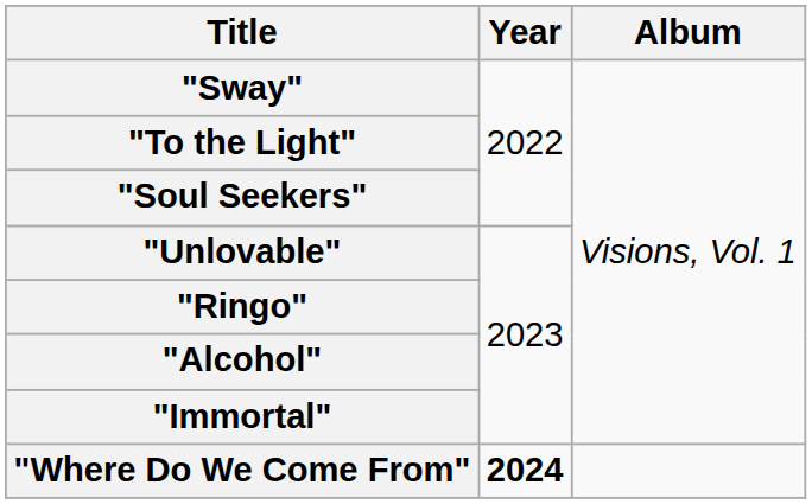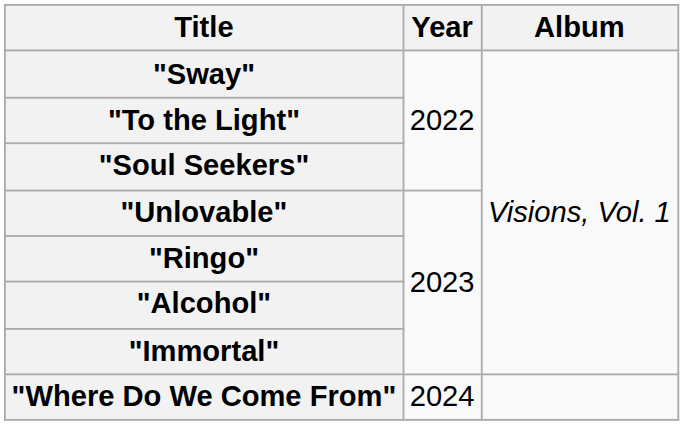 <table class="wikitable plainrowheaders" style="text-align:center;">
 <tr>
 <th scope="col">Title</th>
 <th scope="col">Year</th>
 <th scope="col">Album</th>
 </tr>
 <tr>
 <th scope="row">"Sway"</th>
 <td rowspan="3">2022</td>
 <td rowspan="7"><em>Visions, Vol. 1</em></td>
 </tr>
 <tr>
 <th scope="row">"To the Light"</th>
 </tr>
 <tr>
 <th scope="row">"Soul Seekers"</th>
 </tr>
 <tr>
 <th scope="row">"Unlovable"</th>
 <td rowspan="4">2023</td>
 </tr>
 <tr>
 <th scope="row">"Ringo"</th>
 </tr>
 <tr>
 <th scope="row">"Alcohol"</th>
 </tr>
 <tr>
 <th scope="row">"Immortal"<br></th>
 </tr>
 <tr>
 <th scope="row">"Where Do We Come From"<br></th>
-<td><strong>2024</strong></td>
+<td>2024</td>
 <td></td>
 </tr>
 </table>
